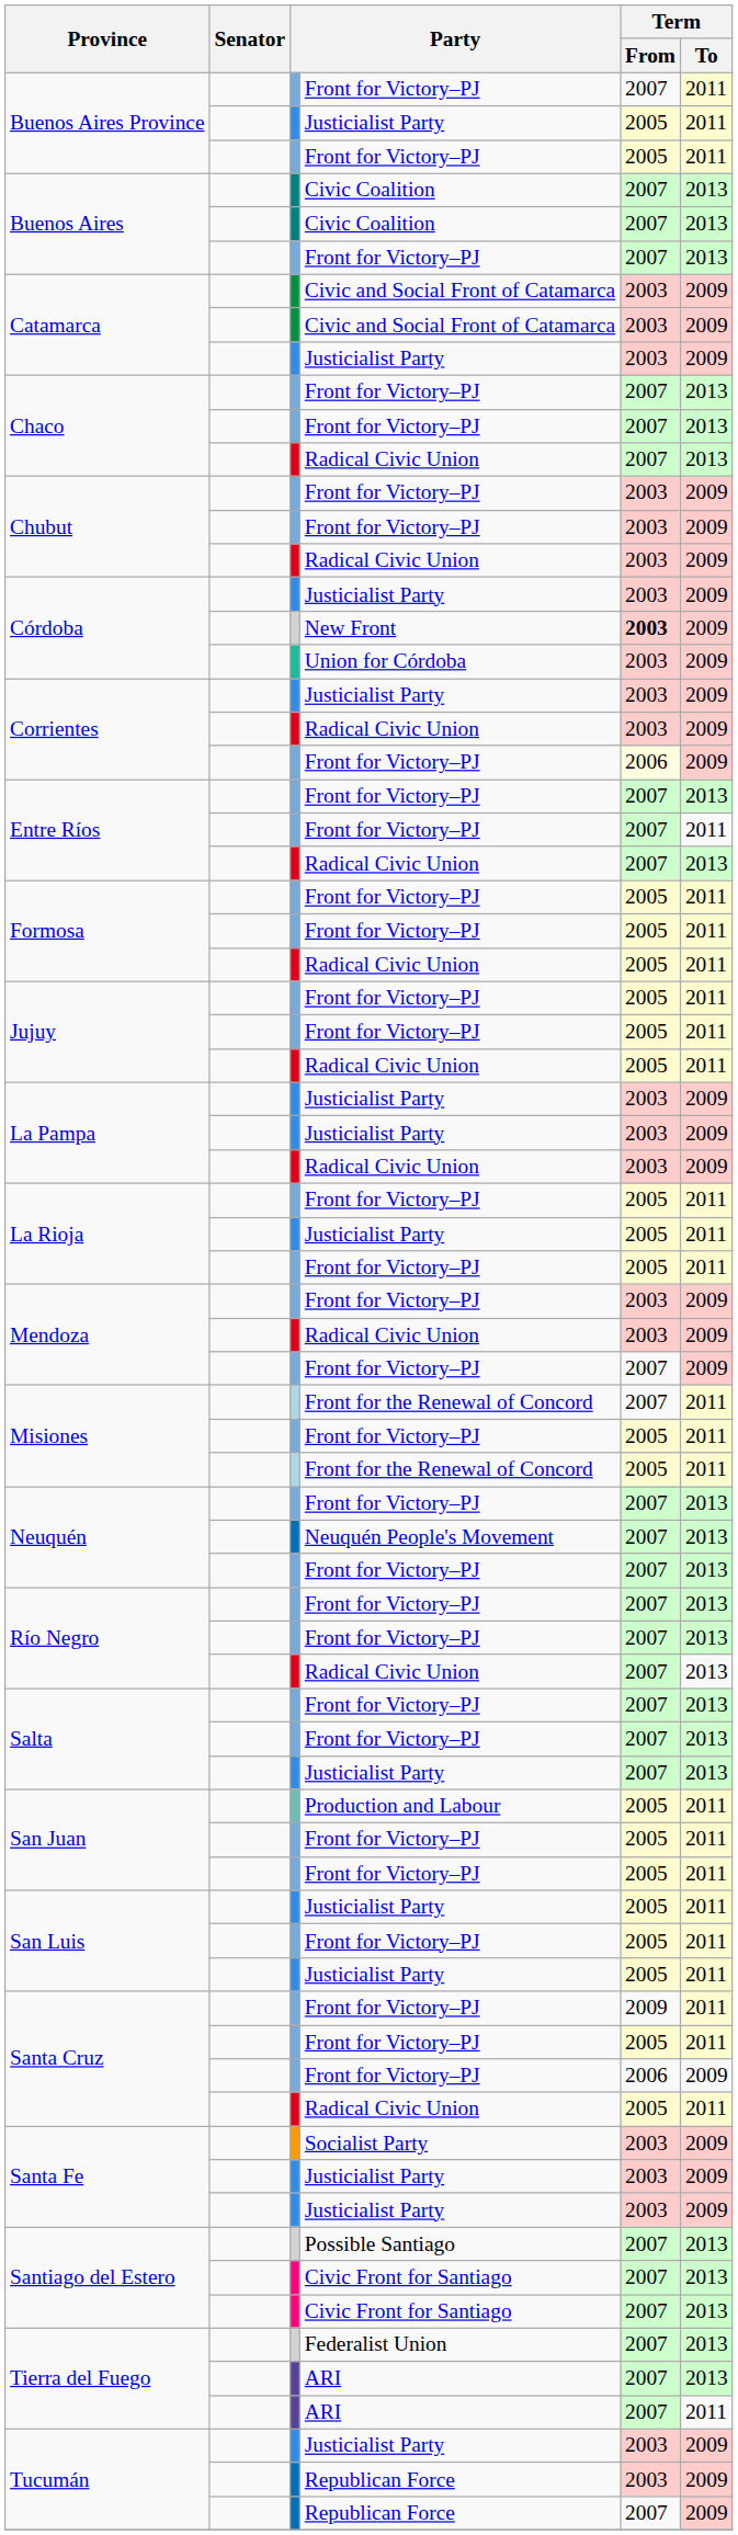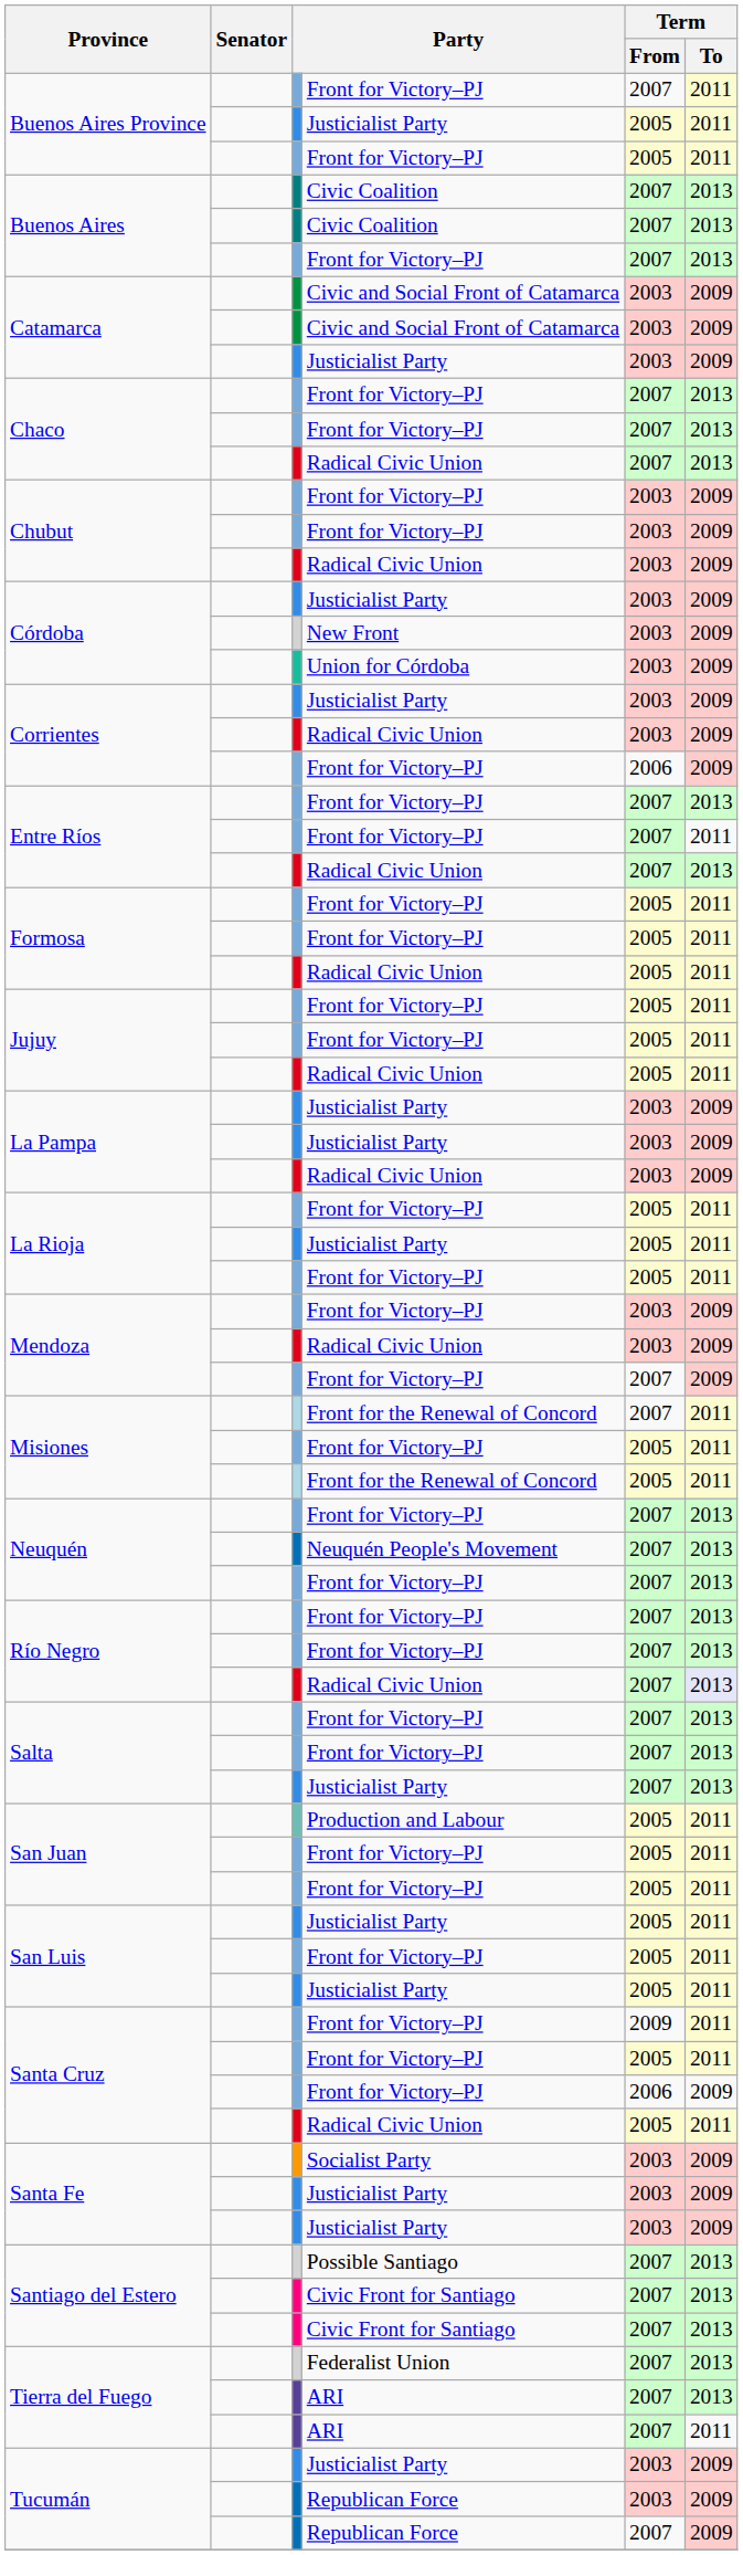 <table class="sortable wikitable">
 <tr>
 <th rowspan=2>Province</th>
 <th rowspan=2>Senator</th>
 <th colspan=2 rowspan=2>Party</th>
 <th colspan=2>Term</th>
 </tr>
 <tr>
 <th>From</th>
 <th>To</th>
 </tr>
 <tr>
 <td rowspan=3><a href='#'>Buenos Aires Province</a></td>
 <td></td>
 <td bgcolor=#75AADB></td>
 <td><a href='#'>Front for Victory–PJ</a></td>
 <td>2007</td>
 <td bgcolor=#fcfccf>2011</td>
 </tr>
 <tr>
 <td></td>
 <td bgcolor=#318CE7></td>
 <td><a href='#'>Justicialist Party</a></td>
 <td bgcolor=#fcfccf>2005</td>
 <td bgcolor=#fcfccf>2011</td>
 </tr>
 <tr>
 <td></td>
 <td bgcolor=#75AADB></td>
 <td><a href='#'>Front for Victory–PJ</a></td>
 <td bgcolor=#fcfccf>2005</td>
 <td bgcolor=#fcfccf>2011</td>
 </tr>
 <tr>
 <td rowspan=3><a href='#'>Buenos Aires</a></td>
 <td></td>
 <td bgcolor=#008080></td>
 <td><a href='#'>Civic Coalition</a></td>
 <td bgcolor="#cfc">2007</td>
 <td bgcolor="#cfc">2013</td>
 </tr>
 <tr>
 <td></td>
 <td bgcolor=#008080></td>
 <td><a href='#'>Civic Coalition</a></td>
 <td bgcolor="#cfc">2007</td>
 <td bgcolor="#cfc">2013</td>
 </tr>
 <tr>
 <td></td>
 <td bgcolor=#75AADB></td>
 <td><a href='#'>Front for Victory–PJ</a></td>
 <td bgcolor="#cfc">2007</td>
 <td bgcolor="#cfc">2013</td>
 </tr>
 <tr>
 <td rowspan=3><a href='#'>Catamarca</a></td>
 <td></td>
 <td bgcolor=#009241></td>
 <td><a href='#'>Civic and Social Front of Catamarca</a></td>
 <td bgcolor=#fcc>2003</td>
 <td bgcolor=#fcc>2009</td>
 </tr>
 <tr>
 <td></td>
 <td bgcolor=#009241></td>
 <td><a href='#'>Civic and Social Front of Catamarca</a></td>
 <td bgcolor=#fcc>2003</td>
 <td bgcolor=#fcc>2009</td>
 </tr>
 <tr>
 <td></td>
 <td bgcolor=#318CE7></td>
 <td><a href='#'>Justicialist Party</a></td>
 <td bgcolor=#fcc>2003</td>
 <td bgcolor=#fcc>2009</td>
 </tr>
 <tr>
 <td rowspan=3><a href='#'>Chaco</a></td>
 <td></td>
 <td bgcolor=#75AADB></td>
 <td><a href='#'>Front for Victory–PJ</a></td>
 <td bgcolor="#cfc">2007</td>
 <td bgcolor="#cfc">2013</td>
 </tr>
 <tr>
 <td></td>
 <td bgcolor=#75AADB></td>
 <td><a href='#'>Front for Victory–PJ</a></td>
 <td bgcolor="#cfc">2007</td>
 <td bgcolor="#cfc">2013</td>
 </tr>
 <tr>
 <td></td>
 <td bgcolor=#E10019></td>
 <td><a href='#'>Radical Civic Union</a></td>
 <td bgcolor="#cfc">2007</td>
 <td bgcolor="#cfc">2013</td>
 </tr>
 <tr>
 <td rowspan=3><a href='#'>Chubut</a></td>
 <td></td>
 <td bgcolor=#75AADB></td>
 <td><a href='#'>Front for Victory–PJ</a></td>
 <td bgcolor=#fcc>2003</td>
 <td bgcolor=#fcc>2009</td>
 </tr>
 <tr>
 <td></td>
 <td bgcolor=#75AADB></td>
 <td><a href='#'>Front for Victory–PJ</a></td>
 <td bgcolor=#fcc>2003</td>
 <td bgcolor=#fcc>2009</td>
 </tr>
 <tr>
 <td></td>
 <td bgcolor=#E10019></td>
 <td><a href='#'>Radical Civic Union</a></td>
 <td bgcolor=#fcc>2003</td>
 <td bgcolor=#fcc>2009</td>
 </tr>
 <tr>
 <td rowspan=3><a href='#'>Córdoba</a></td>
 <td></td>
 <td bgcolor=#318CE7></td>
 <td><a href='#'>Justicialist Party</a></td>
 <td bgcolor=#fcc>2003</td>
 <td bgcolor=#fcc>2009</td>
 </tr>
 <tr>
 <td></td>
 <td bgcolor=#D3D3D3></td>
 <td><a href='#'>New Front</a></td>
-<td bgcolor=#fcc><strong>2003</strong></td>
+<td bgcolor=#fcc>2003</td>
 <td bgcolor=#fcc>2009</td>
 </tr>
 <tr>
 <td></td>
 <td bgcolor=#19bc9d></td>
 <td><a href='#'>Union for Córdoba</a></td>
 <td bgcolor=#fcc>2003</td>
 <td bgcolor=#fcc>2009</td>
 </tr>
 <tr>
 <td rowspan=3><a href='#'>Corrientes</a></td>
 <td></td>
 <td bgcolor=#318CE7></td>
 <td><a href='#'>Justicialist Party</a></td>
 <td bgcolor=#fcc>2003</td>
 <td bgcolor=#fcc>2009</td>
 </tr>
 <tr>
 <td></td>
 <td bgcolor=#E10019></td>
 <td><a href='#'>Radical Civic Union</a></td>
 <td bgcolor=#fcc>2003</td>
 <td bgcolor=#fcc>2009</td>
 </tr>
 <tr>
 <td></td>
 <td bgcolor=#75AADB></td>
 <td><a href='#'>Front for Victory–PJ</a></td>
-<td style="background: lightyellow;">2006</td>
+<td>2006</td>
 <td bgcolor=#fcc>2009</td>
 </tr>
 <tr>
 <td rowspan=3><a href='#'>Entre Ríos</a></td>
 <td></td>
 <td bgcolor=#75AADB></td>
 <td><a href='#'>Front for Victory–PJ</a></td>
 <td bgcolor="#cfc">2007</td>
 <td bgcolor="#cfc">2013</td>
 </tr>
 <tr>
 <td></td>
 <td bgcolor=#75AADB></td>
 <td><a href='#'>Front for Victory–PJ</a></td>
 <td bgcolor="#cfc">2007</td>
 <td>2011</td>
 </tr>
 <tr>
 <td></td>
 <td bgcolor=#E10019></td>
 <td><a href='#'>Radical Civic Union</a></td>
 <td bgcolor="#cfc">2007</td>
 <td bgcolor="#cfc">2013</td>
 </tr>
 <tr>
 <td rowspan=3><a href='#'>Formosa</a></td>
 <td></td>
 <td bgcolor=#75AADB></td>
 <td><a href='#'>Front for Victory–PJ</a></td>
 <td bgcolor=#fcfccf>2005</td>
 <td bgcolor=#fcfccf>2011</td>
 </tr>
 <tr>
 <td></td>
 <td bgcolor=#75AADB></td>
 <td><a href='#'>Front for Victory–PJ</a></td>
 <td bgcolor=#fcfccf>2005</td>
 <td bgcolor=#fcfccf>2011</td>
 </tr>
 <tr>
 <td></td>
 <td bgcolor=#E10019></td>
 <td><a href='#'>Radical Civic Union</a></td>
 <td bgcolor=#fcfccf>2005</td>
 <td bgcolor=#fcfccf>2011</td>
 </tr>
 <tr>
 <td rowspan=3><a href='#'>Jujuy</a></td>
 <td></td>
 <td bgcolor=#75AADB></td>
 <td><a href='#'>Front for Victory–PJ</a></td>
 <td bgcolor=#fcfccf>2005</td>
 <td bgcolor=#fcfccf>2011</td>
 </tr>
 <tr>
 <td></td>
 <td bgcolor=#75AADB></td>
 <td><a href='#'>Front for Victory–PJ</a></td>
 <td bgcolor=#fcfccf>2005</td>
 <td bgcolor=#fcfccf>2011</td>
 </tr>
 <tr>
 <td></td>
 <td bgcolor=#E10019></td>
 <td><a href='#'>Radical Civic Union</a></td>
 <td bgcolor=#fcfccf>2005</td>
 <td bgcolor=#fcfccf>2011</td>
 </tr>
 <tr>
 <td rowspan=3><a href='#'>La Pampa</a></td>
 <td></td>
 <td bgcolor=#318CE7></td>
 <td><a href='#'>Justicialist Party</a></td>
 <td bgcolor=#fcc>2003</td>
 <td bgcolor=#fcc>2009</td>
 </tr>
 <tr>
 <td></td>
 <td bgcolor=#318CE7></td>
 <td><a href='#'>Justicialist Party</a></td>
 <td bgcolor=#fcc>2003</td>
 <td bgcolor=#fcc>2009</td>
 </tr>
 <tr>
 <td></td>
 <td bgcolor=#E10019></td>
 <td><a href='#'>Radical Civic Union</a></td>
 <td bgcolor=#fcc>2003</td>
 <td bgcolor=#fcc>2009</td>
 </tr>
 <tr>
 <td rowspan=3><a href='#'>La Rioja</a></td>
 <td></td>
 <td bgcolor=#75AADB></td>
 <td><a href='#'>Front for Victory–PJ</a></td>
 <td bgcolor=#fcfccf>2005</td>
 <td bgcolor=#fcfccf>2011</td>
 </tr>
 <tr>
 <td></td>
 <td bgcolor=#318CE7></td>
 <td><a href='#'>Justicialist Party</a></td>
 <td bgcolor=#fcfccf>2005</td>
 <td bgcolor=#fcfccf>2011</td>
 </tr>
 <tr>
 <td></td>
 <td bgcolor=#75AADB></td>
 <td><a href='#'>Front for Victory–PJ</a></td>
 <td bgcolor=#fcfccf>2005</td>
 <td bgcolor=#fcfccf>2011</td>
 </tr>
 <tr>
 <td rowspan=3><a href='#'>Mendoza</a></td>
 <td></td>
 <td bgcolor=#75AADB></td>
 <td><a href='#'>Front for Victory–PJ</a></td>
 <td bgcolor=#fcc>2003</td>
 <td bgcolor=#fcc>2009</td>
 </tr>
 <tr>
 <td></td>
 <td bgcolor=#E10019></td>
 <td><a href='#'>Radical Civic Union</a></td>
 <td bgcolor=#fcc>2003</td>
 <td bgcolor=#fcc>2009</td>
 </tr>
 <tr>
 <td></td>
 <td bgcolor=#75AADB></td>
 <td><a href='#'>Front for Victory–PJ</a></td>
 <td>2007</td>
 <td bgcolor=#fcc>2009</td>
 </tr>
 <tr>
 <td rowspan=3><a href='#'>Misiones</a></td>
 <td></td>
 <td bgcolor=#ADD8E6></td>
 <td><a href='#'>Front for the Renewal of Concord</a></td>
 <td>2007</td>
 <td bgcolor=#fcfccf>2011</td>
 </tr>
 <tr>
 <td></td>
 <td bgcolor=#75AADB></td>
 <td><a href='#'>Front for Victory–PJ</a></td>
 <td bgcolor=#fcfccf>2005</td>
 <td bgcolor=#fcfccf>2011</td>
 </tr>
 <tr>
 <td></td>
 <td bgcolor=#ADD8E6></td>
 <td><a href='#'>Front for the Renewal of Concord</a></td>
 <td bgcolor=#fcfccf>2005</td>
 <td bgcolor=#fcfccf>2011</td>
 </tr>
 <tr>
 <td rowspan=3><a href='#'>Neuquén</a></td>
 <td></td>
 <td bgcolor=#75AADB></td>
 <td><a href='#'>Front for Victory–PJ</a></td>
 <td bgcolor="#cfc">2007</td>
 <td bgcolor="#cfc">2013</td>
 </tr>
 <tr>
 <td></td>
 <td bgcolor=#0070b8></td>
 <td><a href='#'>Neuquén People's Movement</a></td>
 <td bgcolor="#cfc">2007</td>
 <td bgcolor="#cfc">2013</td>
 </tr>
 <tr>
 <td></td>
 <td bgcolor=#75AADB></td>
 <td><a href='#'>Front for Victory–PJ</a></td>
 <td bgcolor="#cfc">2007</td>
 <td bgcolor="#cfc">2013</td>
 </tr>
 <tr>
 <td rowspan=3><a href='#'>Río Negro</a></td>
 <td></td>
 <td bgcolor=#75AADB></td>
 <td><a href='#'>Front for Victory–PJ</a></td>
 <td bgcolor="#cfc">2007</td>
 <td bgcolor="#cfc">2013</td>
 </tr>
 <tr>
 <td></td>
 <td bgcolor=#75AADB></td>
 <td><a href='#'>Front for Victory–PJ</a></td>
 <td bgcolor="#cfc">2007</td>
 <td bgcolor="#cfc">2013</td>
 </tr>
 <tr>
 <td></td>
 <td bgcolor=#E10019></td>
 <td><a href='#'>Radical Civic Union</a></td>
 <td bgcolor="#cfc">2007</td>
-<td>2013</td>
+<td style="background: lavender;">2013</td>
 </tr>
 <tr>
 <td rowspan=3><a href='#'>Salta</a></td>
 <td></td>
 <td bgcolor=#75AADB></td>
 <td><a href='#'>Front for Victory–PJ</a></td>
 <td bgcolor="#cfc">2007</td>
 <td bgcolor="#cfc">2013</td>
 </tr>
 <tr>
 <td></td>
 <td bgcolor=#75AADB></td>
 <td><a href='#'>Front for Victory–PJ</a></td>
 <td bgcolor="#cfc">2007</td>
 <td bgcolor="#cfc">2013</td>
 </tr>
 <tr>
 <td></td>
 <td bgcolor=#318CE7></td>
 <td><a href='#'>Justicialist Party</a></td>
 <td bgcolor="#cfc">2007</td>
 <td bgcolor="#cfc">2013</td>
 </tr>
 <tr>
 <td rowspan=3><a href='#'>San Juan</a></td>
 <td></td>
 <td bgcolor=#6bbeb6></td>
 <td><a href='#'>Production and Labour</a></td>
 <td bgcolor=#fcfccf>2005</td>
 <td bgcolor=#fcfccf>2011</td>
 </tr>
 <tr>
 <td></td>
 <td bgcolor=#75AADB></td>
 <td><a href='#'>Front for Victory–PJ</a></td>
 <td bgcolor=#fcfccf>2005</td>
 <td bgcolor=#fcfccf>2011</td>
 </tr>
 <tr>
 <td></td>
 <td bgcolor=#75AADB></td>
 <td><a href='#'>Front for Victory–PJ</a></td>
 <td bgcolor=#fcfccf>2005</td>
 <td bgcolor=#fcfccf>2011</td>
 </tr>
 <tr>
 <td rowspan=3><a href='#'>San Luis</a></td>
 <td></td>
 <td bgcolor=#318CE7></td>
 <td><a href='#'>Justicialist Party</a></td>
 <td bgcolor=#fcfccf>2005</td>
 <td bgcolor=#fcfccf>2011</td>
 </tr>
 <tr>
 <td></td>
 <td bgcolor=#75AADB></td>
 <td><a href='#'>Front for Victory–PJ</a></td>
 <td bgcolor=#fcfccf>2005</td>
 <td bgcolor=#fcfccf>2011</td>
 </tr>
 <tr>
 <td></td>
 <td bgcolor=#318CE7></td>
 <td><a href='#'>Justicialist Party</a></td>
 <td bgcolor=#fcfccf>2005</td>
 <td bgcolor=#fcfccf>2011</td>
 </tr>
 <tr>
 <td rowspan=4><a href='#'>Santa Cruz</a></td>
 <td></td>
 <td bgcolor=#75AADB></td>
 <td><a href='#'>Front for Victory–PJ</a></td>
 <td>2009</td>
 <td bgcolor=#fcfccf>2011</td>
 </tr>
 <tr>
 <td></td>
 <td bgcolor=#75AADB></td>
 <td><a href='#'>Front for Victory–PJ</a></td>
 <td bgcolor=#fcfccf>2005</td>
 <td bgcolor=#fcfccf>2011</td>
 </tr>
 <tr>
 <td></td>
 <td bgcolor=#75AADB></td>
 <td><a href='#'>Front for Victory–PJ</a></td>
 <td>2006</td>
 <td>2009</td>
 </tr>
 <tr>
 <td></td>
 <td bgcolor=#E10019></td>
 <td><a href='#'>Radical Civic Union</a></td>
 <td bgcolor=#fcfccf>2005</td>
 <td bgcolor=#fcfccf>2011</td>
 </tr>
 <tr>
 <td rowspan=3><a href='#'>Santa Fe</a></td>
 <td></td>
 <td bgcolor=#FF9900></td>
 <td><a href='#'>Socialist Party</a></td>
 <td bgcolor=#fcc>2003</td>
 <td bgcolor=#fcc>2009</td>
 </tr>
 <tr>
 <td></td>
 <td bgcolor=#318CE7></td>
 <td><a href='#'>Justicialist Party</a></td>
 <td bgcolor=#fcc>2003</td>
 <td bgcolor=#fcc>2009</td>
 </tr>
 <tr>
 <td></td>
 <td bgcolor=#318CE7></td>
 <td><a href='#'>Justicialist Party</a></td>
 <td bgcolor=#fcc>2003</td>
 <td bgcolor=#fcc>2009</td>
 </tr>
 <tr>
 <td rowspan=3><a href='#'>Santiago del Estero</a></td>
 <td></td>
 <td bgcolor=#D3D3D3></td>
 <td>Possible Santiago</td>
 <td bgcolor="#cfc">2007</td>
 <td bgcolor="#cfc">2013</td>
 </tr>
 <tr>
 <td></td>
 <td bgcolor=#FF0080></td>
 <td><a href='#'>Civic Front for Santiago</a></td>
 <td bgcolor="#cfc">2007</td>
 <td bgcolor="#cfc">2013</td>
 </tr>
 <tr>
 <td></td>
 <td bgcolor=#FF0080></td>
 <td><a href='#'>Civic Front for Santiago</a></td>
 <td bgcolor="#cfc">2007</td>
 <td bgcolor="#cfc">2013</td>
 </tr>
 <tr>
 <td rowspan=3><a href='#'>Tierra del Fuego</a></td>
 <td></td>
 <td bgcolor=#D3D3D3></td>
 <td>Federalist Union</td>
 <td bgcolor="#cfc">2007</td>
 <td bgcolor="#cfc">2013</td>
 </tr>
 <tr>
 <td></td>
 <td bgcolor=#583f99></td>
 <td><a href='#'>ARI</a></td>
 <td bgcolor="#cfc">2007</td>
 <td bgcolor="#cfc">2013</td>
 </tr>
 <tr>
 <td></td>
 <td bgcolor=#583f99></td>
 <td><a href='#'>ARI</a></td>
 <td bgcolor="#cfc">2007</td>
 <td>2011</td>
 </tr>
 <tr>
 <td rowspan=3><a href='#'>Tucumán</a></td>
 <td></td>
 <td bgcolor=#318CE7></td>
 <td><a href='#'>Justicialist Party</a></td>
 <td bgcolor=#fcc>2003</td>
 <td bgcolor=#fcc>2009</td>
 </tr>
 <tr>
 <td></td>
 <td bgcolor=#0070B8></td>
 <td><a href='#'>Republican Force</a></td>
 <td bgcolor=#fcc>2003</td>
 <td bgcolor=#fcc>2009</td>
 </tr>
 <tr>
 <td></td>
 <td bgcolor=#0070B8></td>
 <td><a href='#'>Republican Force</a></td>
 <td>2007</td>
 <td bgcolor=#fcc>2009</td>
 </tr>
 <tr>
 </tr>
 </table>
